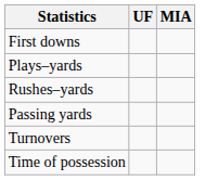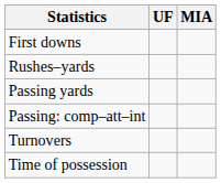 <table class="wikitable" style="float:left">
 <tr>
 <th>Statistics</th>
 <th>UF</th>
 <th>MIA</th>
 </tr>
 <tr>
 <td>First downs</td>
-<td></td>
-<td></td>
-</tr>
-<tr>
-<td>Plays–yards</td>
 <td></td>
 <td></td>
 </tr>
 <tr>
 <td>Rushes–yards</td>
 <td></td>
 <td></td>
 </tr>
 <tr>
 <td>Passing yards</td>
 <td></td>
 <td></td>
 </tr>
 <tr>
+<td>Passing: comp–att–int</td>
+<td></td>
+<td></td>
+</tr>
+<tr>
 <td>Turnovers</td>
 <td></td>
 <td></td>
 </tr>
 <tr>
 <td>Time of possession</td>
 <td></td>
 <td></td>
 </tr>
 </table>
